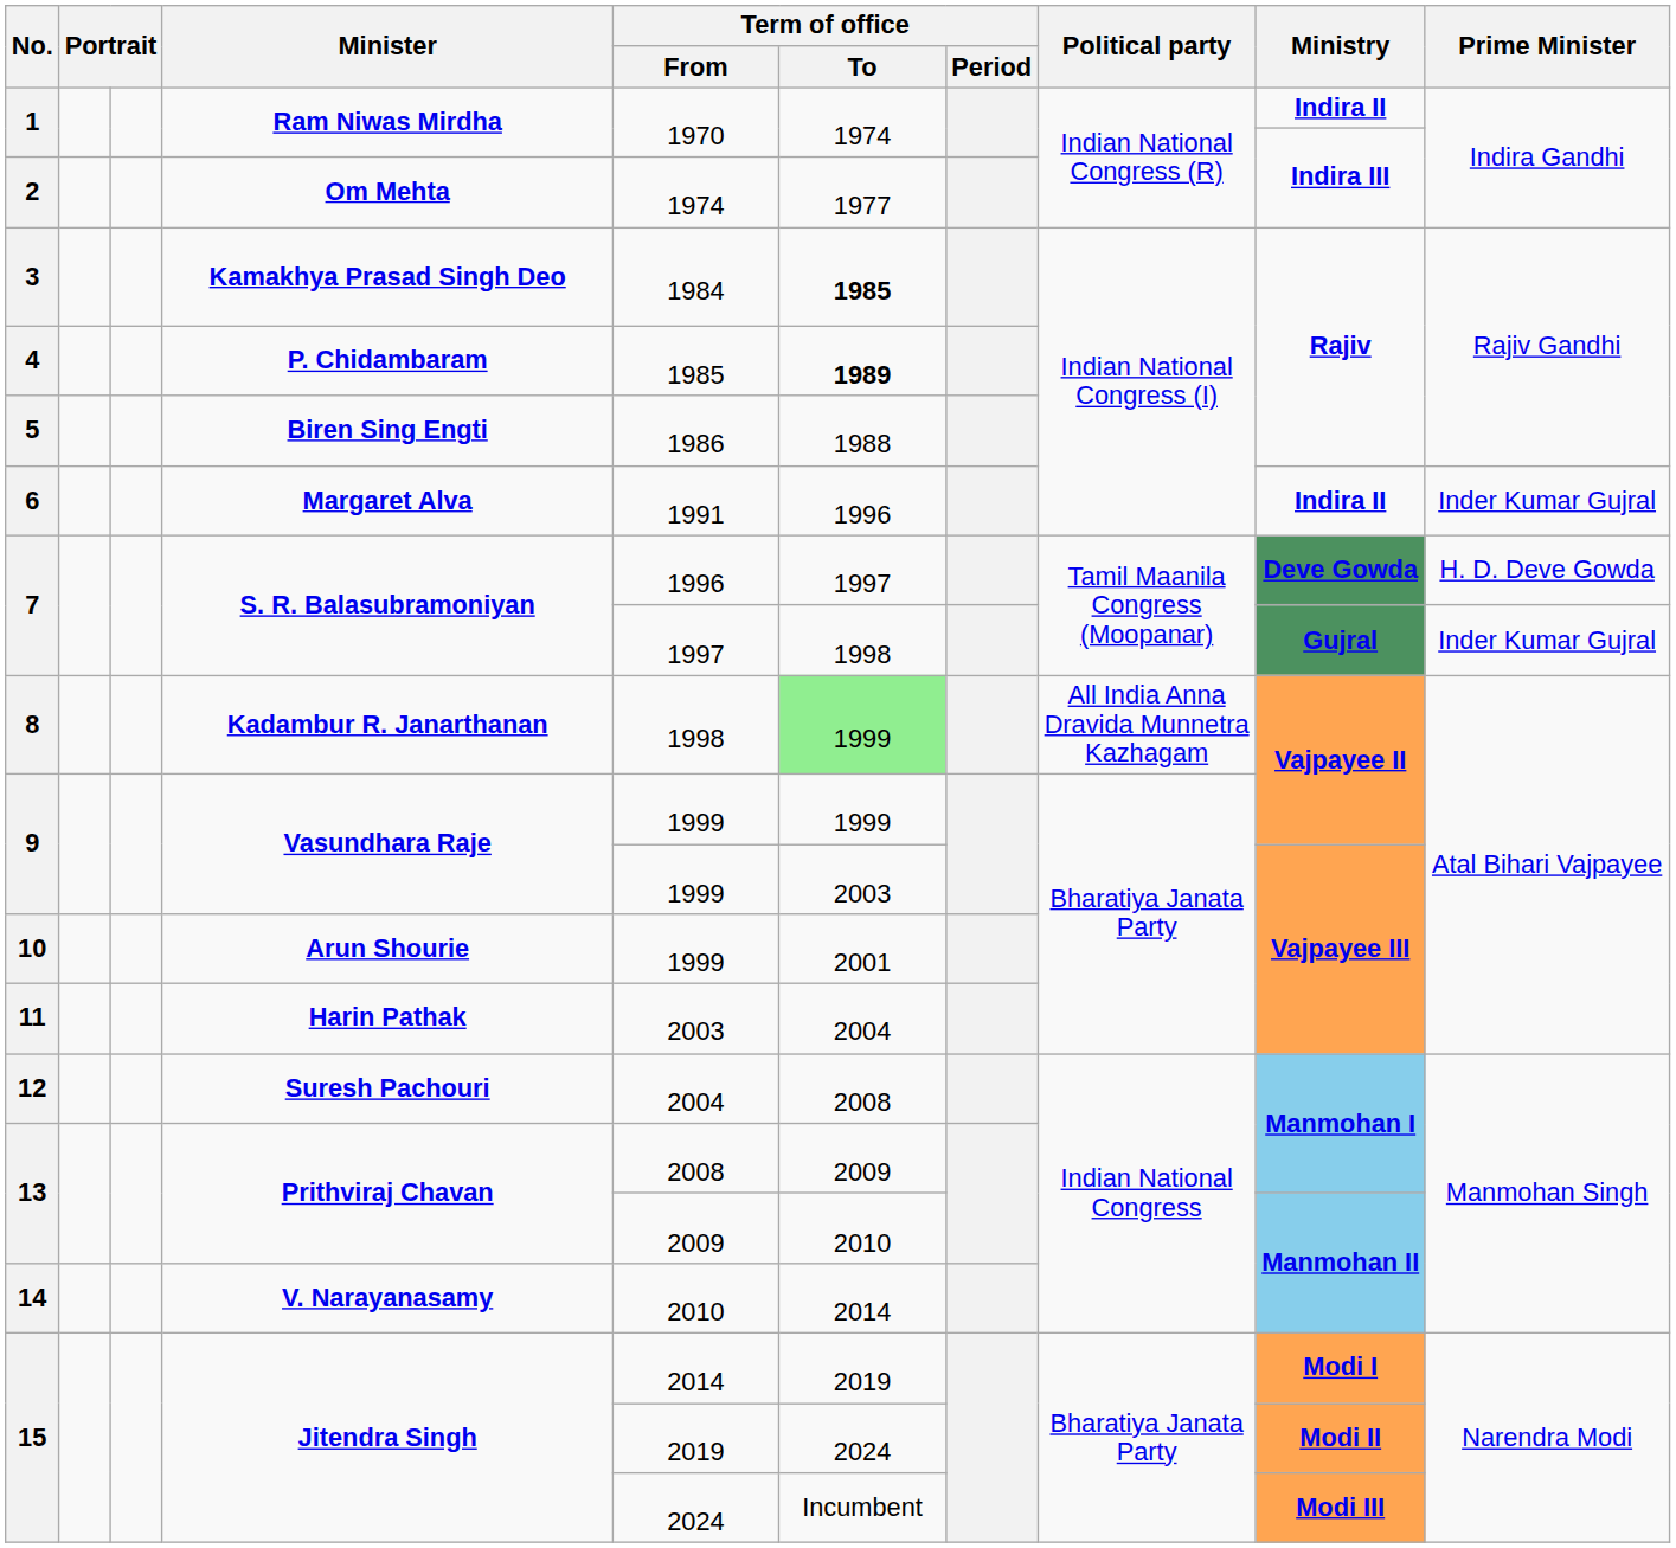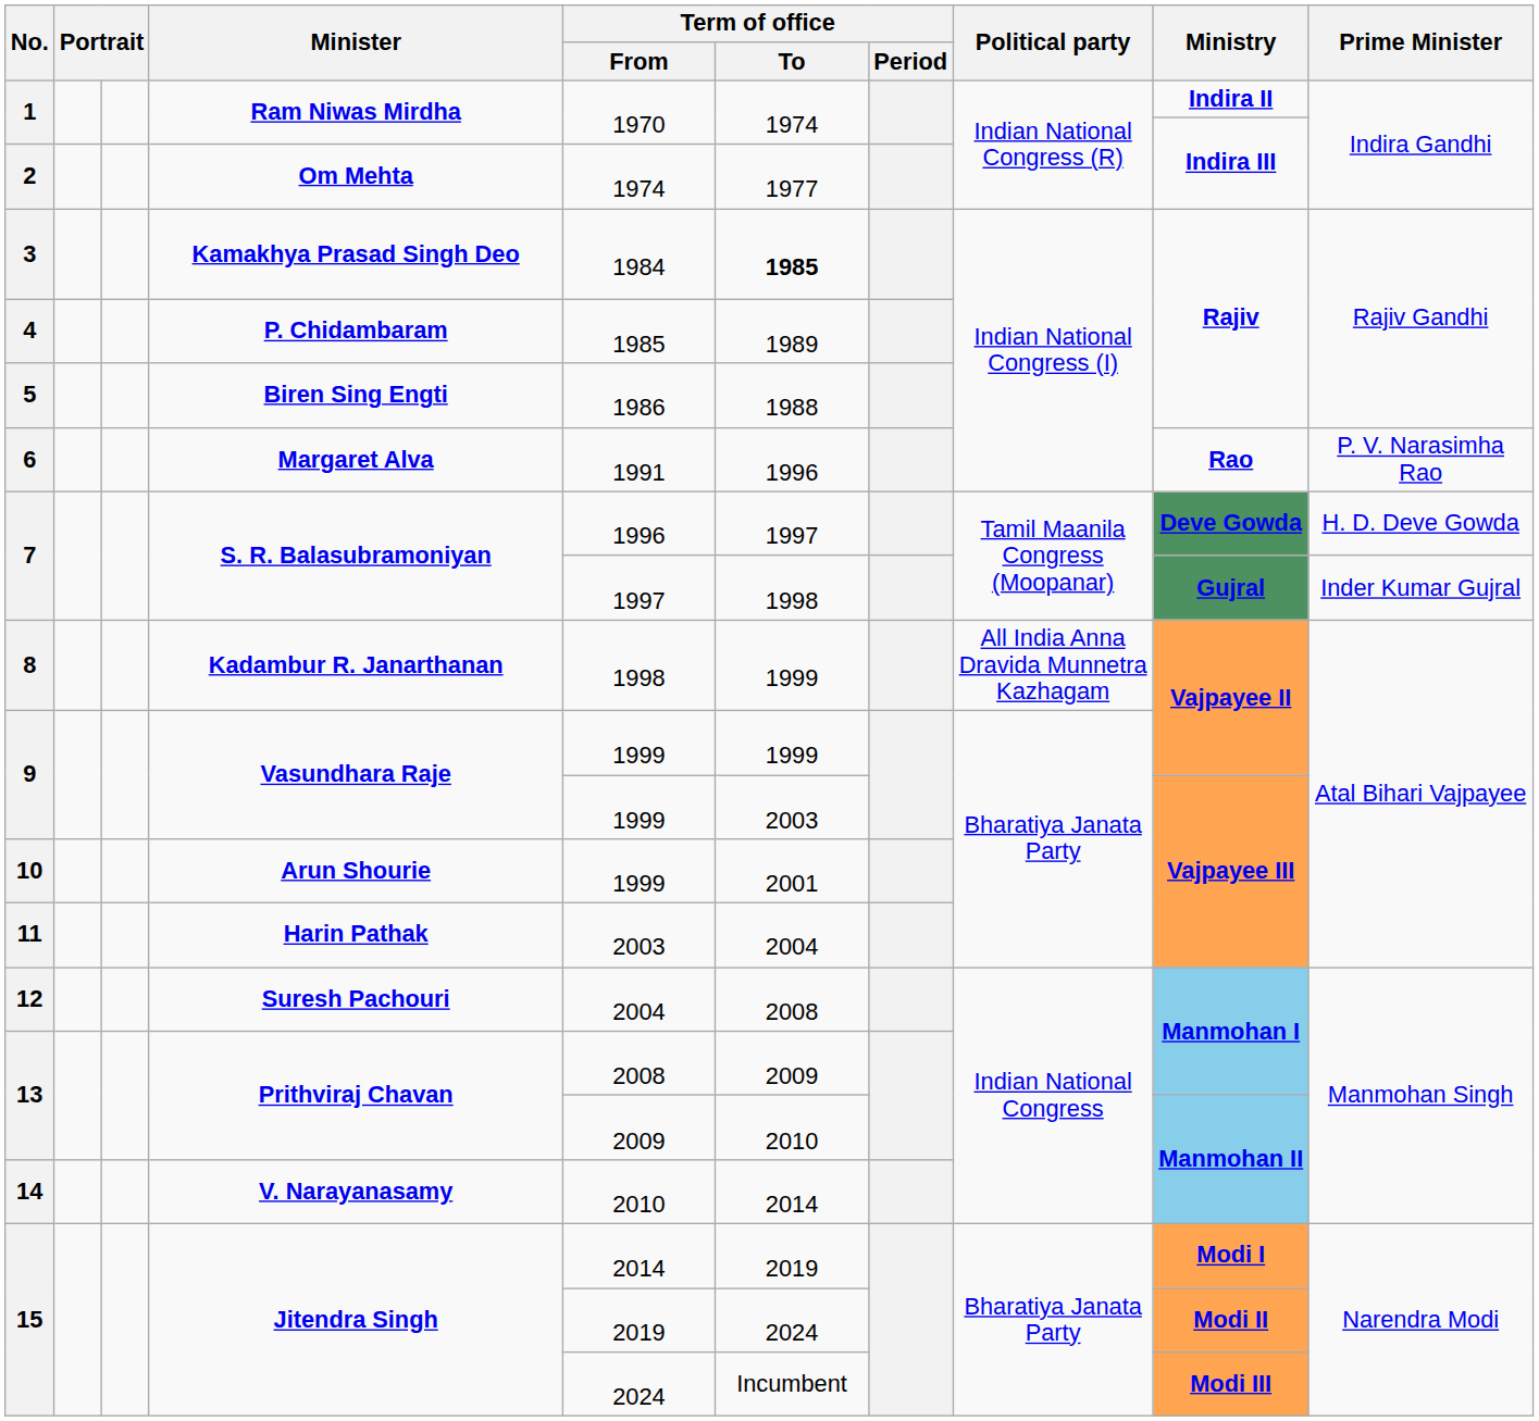 <table class="wikitable" style="text-align:center">
 <tr>
 <th rowspan="2">No.</th>
 <th rowspan="2" colspan="2">Portrait</th>
 <th rowspan="2" style="width:17em">Minister<br></th>
 <th colspan="3">Term of office</th>
 <th rowspan="2" style="width:8em">Political party</th>
 <th rowspan="2">Ministry</th>
 <th rowspan="2" style="width:9em">Prime Minister</th>
 </tr>
 <tr>
 <th style="width:6em">From</th>
 <th style="width:6em">To</th>
 <th>Period</th>
 </tr>
 <tr>
 <th rowspan="2">1</th>
 <td rowspan="2"></td>
 <td rowspan="2"></td>
 <td rowspan="2"><strong><a href='#'>Ram Niwas Mirdha</a></strong><br></td>
 <td rowspan="2"><br>1970</td>
 <td rowspan="2"><br>1974</td>
 <th rowspan="2"></th>
 <td rowspan="3"><a href='#'>Indian National Congress (R)</a></td>
 <td><strong><a href='#'>Indira II</a></strong></td>
 <td rowspan="3"><a href='#'>Indira Gandhi</a></td>
 </tr>
 <tr>
 <td rowspan="2"><strong><a href='#'>Indira III</a></strong></td>
 </tr>
 <tr>
 <th>2</th>
 <td></td>
 <td></td>
 <td><strong><a href='#'>Om Mehta</a></strong><br></td>
 <td><br>1974</td>
 <td><br>1977</td>
 <th></th>
 </tr>
 <tr>
 <th>3</th>
 <td></td>
 <td></td>
 <td><a href='#'><br><strong>Kamakhya Prasad Singh Deo</strong></a><br><br></td>
 <td><br>1984</td>
 <td><strong><br>1985</strong></td>
 <th></th>
 <td rowspan="4"><a href='#'>Indian National Congress (I)</a></td>
 <td rowspan="3"><strong><a href='#'>Rajiv</a></strong></td>
 <td rowspan="3"><a href='#'>Rajiv Gandhi</a></td>
 </tr>
 <tr>
 <th>4</th>
 <td></td>
 <td></td>
 <td><strong><a href='#'>P. Chidambaram</a></strong><br></td>
 <td><br>1985</td>
-<td><strong><br>1989</strong></td>
+<td><br>1989</td>
 <th></th>
 </tr>
 <tr>
 <th>5</th>
 <td></td>
 <td></td>
 <td><strong><a href='#'>Biren Sing Engti</a></strong><br></td>
 <td><br>1986</td>
 <td><br>1988</td>
 <th></th>
 </tr>
 <tr>
 <th>6</th>
 <td></td>
 <td></td>
 <td><strong><a href='#'>Margaret Alva</a></strong><br></td>
 <td><br>1991</td>
 <td><br>1996</td>
 <th></th>
-<td><strong><a href='#'>Indira II</a></strong></td>
-<td><a href='#'>Inder Kumar Gujral</a></td>
+<td><a href='#'><strong>Rao</strong></a></td>
+<td><a href='#'>P. V. Narasimha Rao</a></td>
 </tr>
 <tr>
 <th rowspan="2">7</th>
 <td rowspan="2"></td>
 <td rowspan="2"></td>
 <td rowspan="2"><strong><a href='#'>S. R. Balasubramoniyan</a></strong><br></td>
 <td><br>1996</td>
 <td><br>1997</td>
 <th></th>
 <td rowspan="2"><a href='#'>Tamil Maanila Congress (Moopanar)</a></td>
 <td style="background:#4C915F"><strong><a href='#'>Deve Gowda</a></strong></td>
 <td><a href='#'>H. D. Deve Gowda</a></td>
 </tr>
 <tr>
 <td><br>1997</td>
 <td><br>1998</td>
 <th></th>
 <td style="background:#4C915F"><strong><a href='#'>Gujral</a></strong></td>
 <td><a href='#'>Inder Kumar Gujral</a></td>
 </tr>
 <tr>
 <th>8</th>
 <td></td>
 <td></td>
 <td><strong><a href='#'>Kadambur R. Janarthanan</a></strong><br></td>
 <td><br>1998</td>
-<td style="background: lightgreen;"><br>1999</td>
+<td><br>1999</td>
 <th></th>
 <td><a href='#'>All India Anna Dravida Munnetra Kazhagam</a></td>
 <td rowspan="2" style="background:#FFA551;"><strong><a href='#'>Vajpayee II</a></strong></td>
 <td rowspan="5"><a href='#'>Atal Bihari Vajpayee</a></td>
 </tr>
 <tr>
 <th rowspan="2">9</th>
 <td rowspan="2"></td>
 <td rowspan="2"></td>
 <td rowspan="2"><strong><a href='#'>Vasundhara Raje</a></strong><br></td>
 <td><br>1999</td>
 <td><br>1999</td>
 <th rowspan="2"></th>
 <td rowspan="4"><a href='#'>Bharatiya Janata Party</a></td>
 </tr>
 <tr>
 <td><br>1999</td>
 <td><br>2003</td>
 <td rowspan="3" style="background:#FFA551;"><strong><a href='#'>Vajpayee III</a></strong></td>
 </tr>
 <tr>
 <th>10</th>
 <td></td>
 <td></td>
 <td><strong><a href='#'>Arun Shourie</a></strong><br></td>
 <td><br>1999</td>
 <td><br>2001</td>
 <th></th>
 </tr>
 <tr>
 <th>11</th>
 <td></td>
 <td></td>
 <td><strong><a href='#'>Harin Pathak</a></strong><br></td>
 <td><br>2003</td>
 <td><br>2004</td>
 <th></th>
 </tr>
 <tr>
 <th>12</th>
 <td></td>
 <td></td>
 <td><strong><a href='#'>Suresh Pachouri</a></strong><br></td>
 <td><br>2004</td>
 <td><br>2008</td>
 <th></th>
 <td rowspan="4"><a href='#'>Indian National Congress</a></td>
 <td rowspan="2" bgcolor="#87CEEB"><a href='#'><strong>Manmohan I</strong></a></td>
 <td rowspan="4"><a href='#'>Manmohan Singh</a></td>
 </tr>
 <tr>
 <th rowspan="2">13</th>
 <td rowspan="2"></td>
 <td rowspan="2"></td>
 <td rowspan="2"><strong><a href='#'>Prithviraj Chavan</a></strong><br></td>
 <td><br>2008</td>
 <td><br>2009</td>
 <th rowspan="2"></th>
 </tr>
 <tr>
 <td><br>2009</td>
 <td><br>2010</td>
 <td rowspan="2" bgcolor="#87CEEB"><a href='#'><strong>Manmohan II</strong></a></td>
 </tr>
 <tr>
 <th>14</th>
 <td></td>
 <td></td>
 <td><strong><a href='#'>V. Narayanasamy</a></strong><br></td>
 <td><br>2010</td>
 <td><br>2014</td>
 <th></th>
 </tr>
 <tr>
 <th rowspan="3">15</th>
 <td rowspan="3"></td>
 <td rowspan="3"></td>
 <td rowspan="3"><a href='#'><strong>Jitendra Singh</strong></a><br></td>
 <td><br>2014</td>
 <td><br>2019</td>
 <th rowspan="3"></th>
 <td rowspan="3"><a href='#'>Bharatiya Janata Party</a></td>
 <td style="background:#FFA551;"><strong><a href='#'>Modi I</a></strong></td>
 <td rowspan="3"><a href='#'>Narendra Modi</a></td>
 </tr>
 <tr>
 <td><br>2019</td>
 <td><br>2024</td>
 <td style="background:#FFA551;"><strong><a href='#'>Modi II</a></strong></td>
 </tr>
 <tr>
 <td><br>2024</td>
 <td>Incumbent</td>
 <td style="background:#FFA551;"><strong><a href='#'>Modi III</a></strong></td>
 </tr>
 </table>
